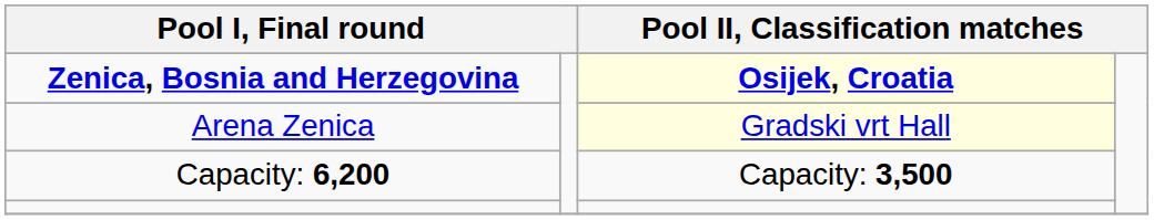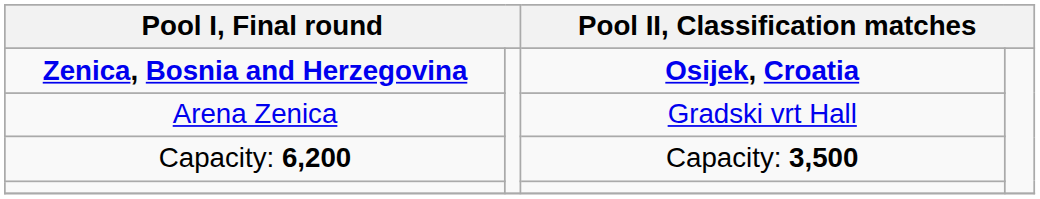 <table class="wikitable" style="text-align: center;">
 <tr>
 <th colspan="2" style="width: 50%;">Pool I, Final round</th>
 <th colspan="2" style="width: 50%;">Pool II, Classification matches</th>
 </tr>
 <tr>
 <td><strong> <a href='#'>Zenica</a>, <a href='#'>Bosnia and Herzegovina</a></strong></td>
 <td rowspan="4"></td>
-<td style="background: lightyellow;"><strong> <a href='#'>Osijek</a>, <a href='#'>Croatia</a></strong></td>
+<td><strong> <a href='#'>Osijek</a>, <a href='#'>Croatia</a></strong></td>
 <td rowspan="4"></td>
 </tr>
 <tr>
 <td><a href='#'>Arena Zenica</a></td>
-<td style="background: lightyellow;"><a href='#'>Gradski vrt Hall</a></td>
+<td><a href='#'>Gradski vrt Hall</a></td>
 </tr>
 <tr>
 <td>Capacity: <strong>6,200</strong></td>
 <td>Capacity: <strong>3,500</strong></td>
 </tr>
 <tr>
 <td></td>
 <td></td>
 </tr>
 <tr>
 </tr>
 </table>
